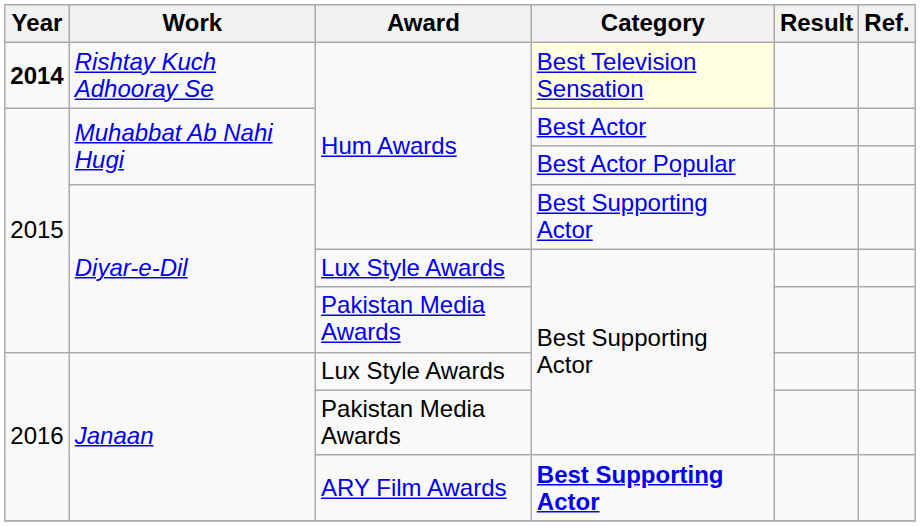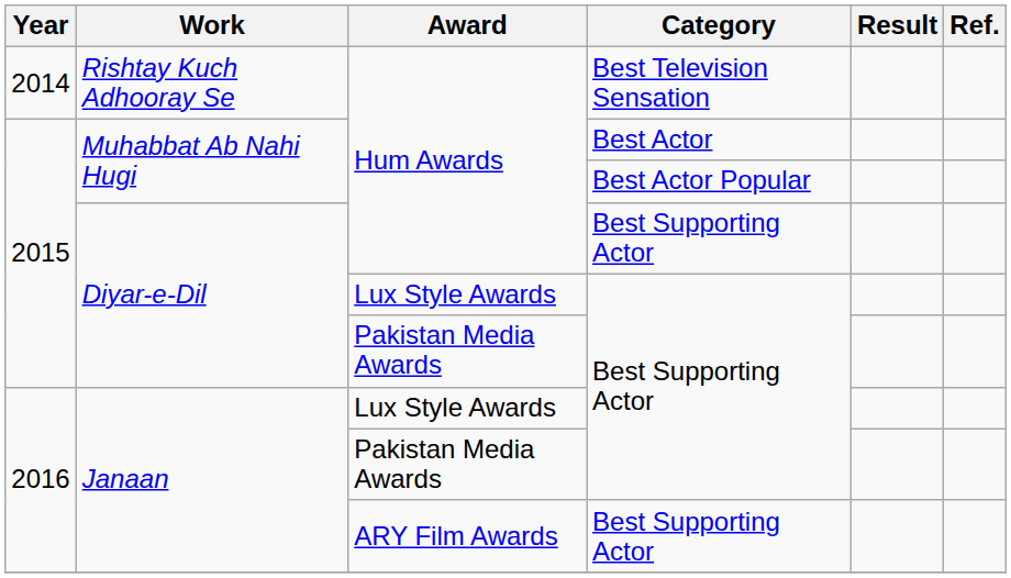 <table class="wikitable sortable">
 <tr>
 <th>Year</th>
 <th>Work</th>
 <th>Award</th>
 <th>Category</th>
 <th>Result</th>
 <th>Ref.</th>
 </tr>
 <tr>
-<td><strong>2014</strong></td>
+<td>2014</td>
 <td><em><a href='#'>Rishtay Kuch Adhooray Se</a></em></td>
 <td rowspan = "4"><a href='#'>Hum Awards</a></td>
-<td style="background: lightyellow;"><a href='#'>Best Television Sensation</a></td>
+<td><a href='#'>Best Television Sensation</a></td>
 <td></td>
 <td></td>
 </tr>
 <tr>
 <td rowspan ="5">2015</td>
 <td rowspan ="2"><em><a href='#'>Muhabbat Ab Nahi Hugi</a></em></td>
 <td><a href='#'>Best Actor</a></td>
 <td></td>
 <td></td>
 </tr>
 <tr>
 <td><a href='#'>Best Actor Popular</a></td>
 <td></td>
 <td></td>
 </tr>
 <tr>
 <td rowspan ="3"><em><a href='#'>Diyar-e-Dil</a></em></td>
 <td><a href='#'>Best Supporting Actor</a></td>
 <td></td>
 <td></td>
 </tr>
 <tr>
 <td><a href='#'>Lux Style Awards</a></td>
 <td rowspan ="4">Best Supporting Actor</td>
 <td></td>
 <td></td>
 </tr>
 <tr>
 <td><a href='#'>Pakistan Media Awards</a></td>
 <td></td>
 <td></td>
 </tr>
 <tr>
 <td rowspan ="3">2016</td>
 <td rowspan ="3"><em><a href='#'>Janaan</a></em></td>
 <td>Lux Style Awards</td>
 <td></td>
 <td></td>
 </tr>
 <tr>
 <td>Pakistan Media Awards</td>
 <td></td>
 <td></td>
 </tr>
 <tr>
 <td><a href='#'>ARY Film Awards</a></td>
-<td><strong><a href='#'>Best Supporting Actor</a></strong></td>
+<td><a href='#'>Best Supporting Actor</a></td>
 <td></td>
 <td></td>
 </tr>
 <tr>
 </tr>
 </table>
